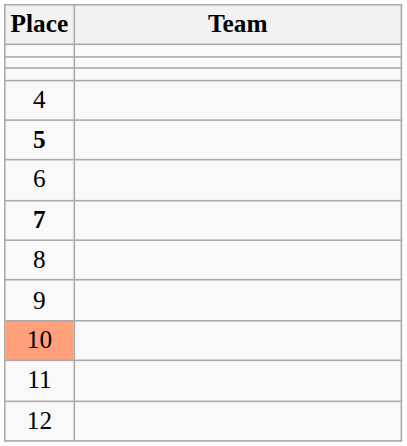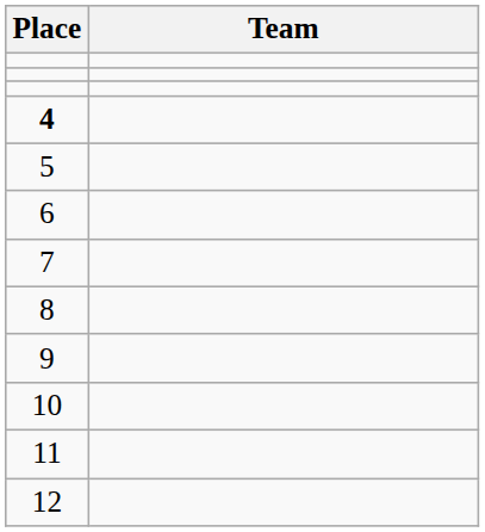 <table class="wikitable" style="text-align:center;">
 <tr>
 <th width=30>Place</th>
 <th width=200>Team</th>
 </tr>
 <tr>
 <td></td>
 <td align="left"></td>
 </tr>
 <tr>
 <td></td>
 <td align="left"></td>
 </tr>
 <tr>
 <td></td>
 <td align="left"></td>
 </tr>
 <tr>
-<td>4</td>
+<td><strong>4</strong></td>
 <td align="left"></td>
 </tr>
 <tr>
-<td><strong>5</strong></td>
+<td>5</td>
 <td align="left"></td>
 </tr>
 <tr>
 <td>6</td>
 <td align="left"></td>
 </tr>
 <tr>
-<td><strong>7</strong></td>
+<td>7</td>
 <td align="left"></td>
 </tr>
 <tr>
 <td>8</td>
 <td align="left"></td>
 </tr>
 <tr>
 <td>9</td>
 <td align="left"></td>
 </tr>
 <tr>
-<td style="background: lightsalmon;">10</td>
+<td>10</td>
 <td align="left"></td>
 </tr>
 <tr>
 <td>11</td>
 <td align="left"></td>
 </tr>
 <tr>
 <td>12</td>
 <td align="left"></td>
 </tr>
 </table>
